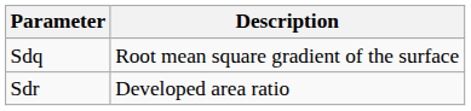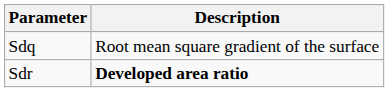 <table class="wikitable">
 <tr>
 <th>Parameter</th>
 <th>Description</th>
 </tr>
 <tr>
 <td>Sdq</td>
 <td>Root mean square gradient of the surface</td>
 </tr>
 <tr>
 <td>Sdr</td>
-<td>Developed area ratio</td>
+<td><strong>Developed area ratio</strong></td>
 </tr>
 </table>
